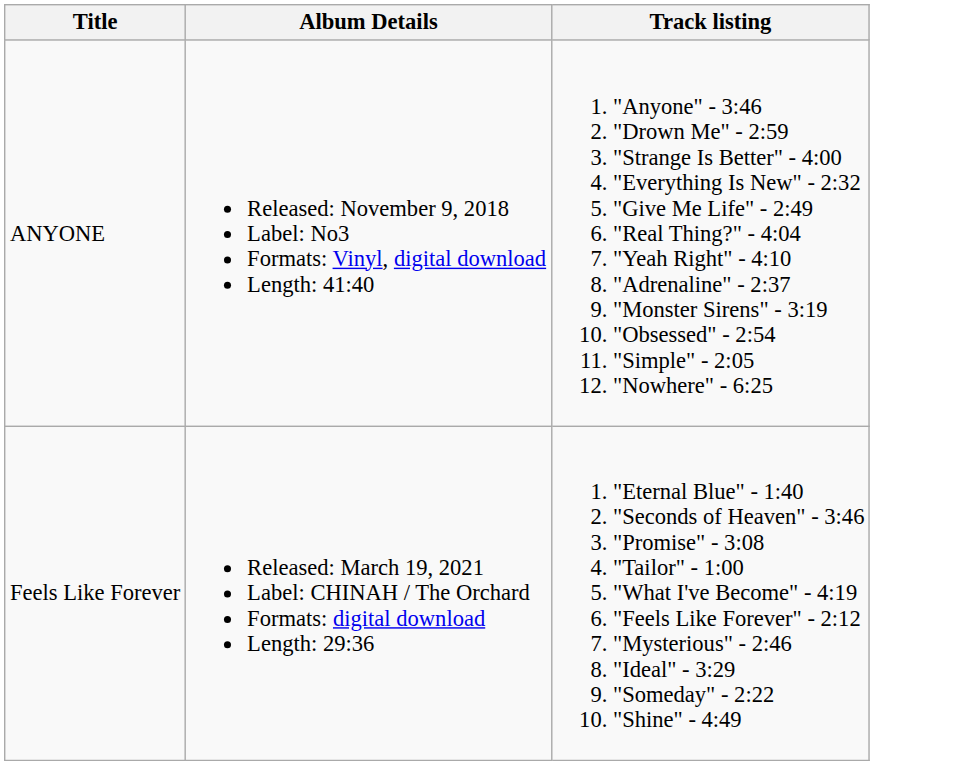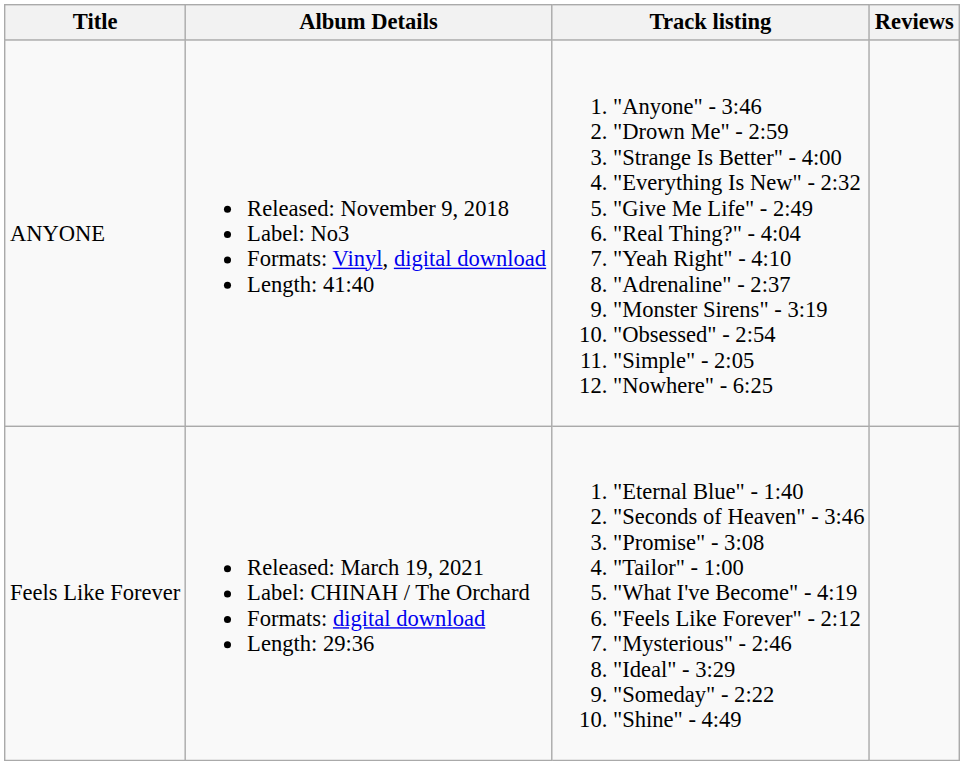 <table class="wikitable">
 <tr>
 <th>Title</th>
 <th>Album Details</th>
 <th>Track listing</th>
+<th>Reviews</th>
 </tr>
 <tr>
 <td>ANYONE</td>
 <td><br><ul><li>Released: November 9, 2018</li><li>Label: No3</li><li>Formats: <a href='#'>Vinyl</a>, <a href='#'>digital download</a></li><li>Length: 41:40</li></ul></td>
 <td><br><ol><li>"Anyone" - 3:46</li><li>"Drown Me" - 2:59</li><li>"Strange Is Better" - 4:00</li><li>"Everything Is New" - 2:32</li><li>"Give Me Life" - 2:49</li><li>"Real Thing?" - 4:04</li><li>"Yeah Right" - 4:10</li><li>"Adrenaline" - 2:37</li><li>"Monster Sirens" - 3:19</li><li>"Obsessed" - 2:54</li><li>"Simple" - 2:05</li><li>"Nowhere" - 6:25</li></ol></td>
+<td><br></td>
 </tr>
 <tr>
 <td>Feels Like Forever</td>
 <td><br><ul><li>Released: March 19, 2021</li><li>Label: CHINAH / The Orchard</li><li>Formats: <a href='#'>digital download</a></li><li>Length: 29:36</li></ul></td>
 <td><br><ol><li>"Eternal Blue" - 1:40</li><li>"Seconds of Heaven" - 3:46</li><li>"Promise" - 3:08</li><li>"Tailor" - 1:00</li><li>"What I've Become" - 4:19</li><li>"Feels Like Forever" - 2:12</li><li>"Mysterious" - 2:46</li><li>"Ideal" - 3:29</li><li>"Someday" - 2:22</li><li>"Shine" - 4:49</li></ol></td>
+<td><br></td>
 </tr>
 </table>
